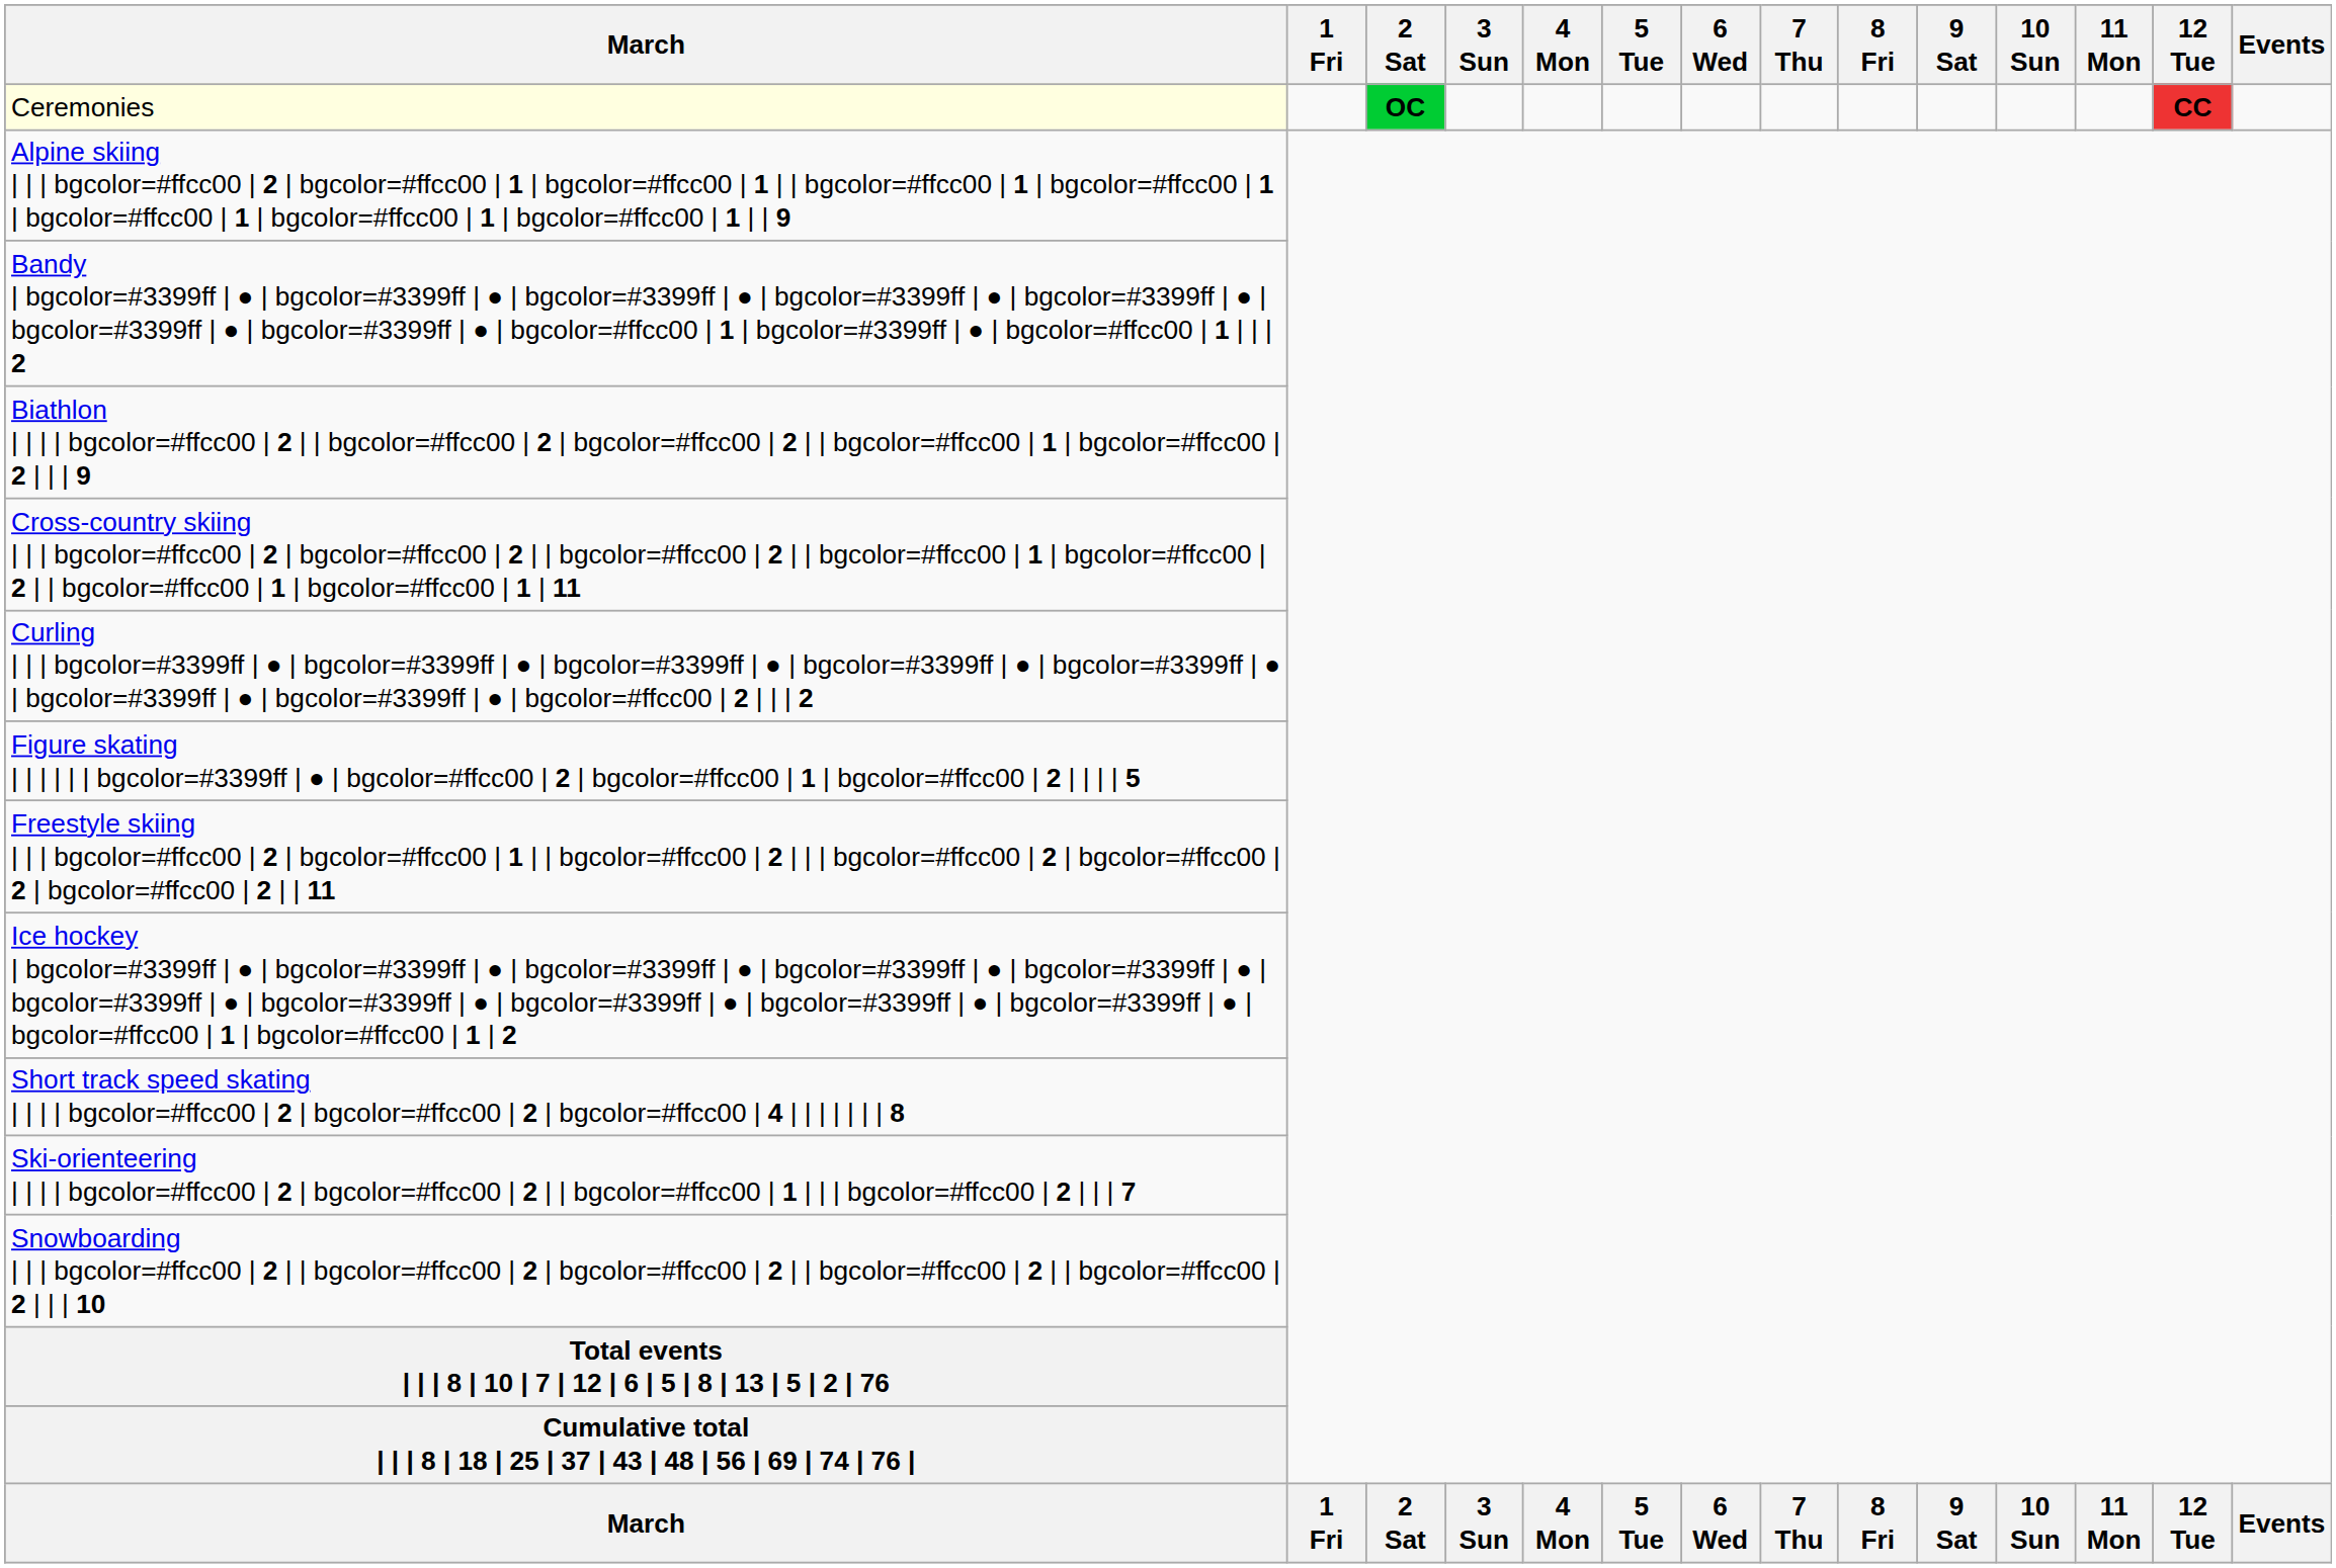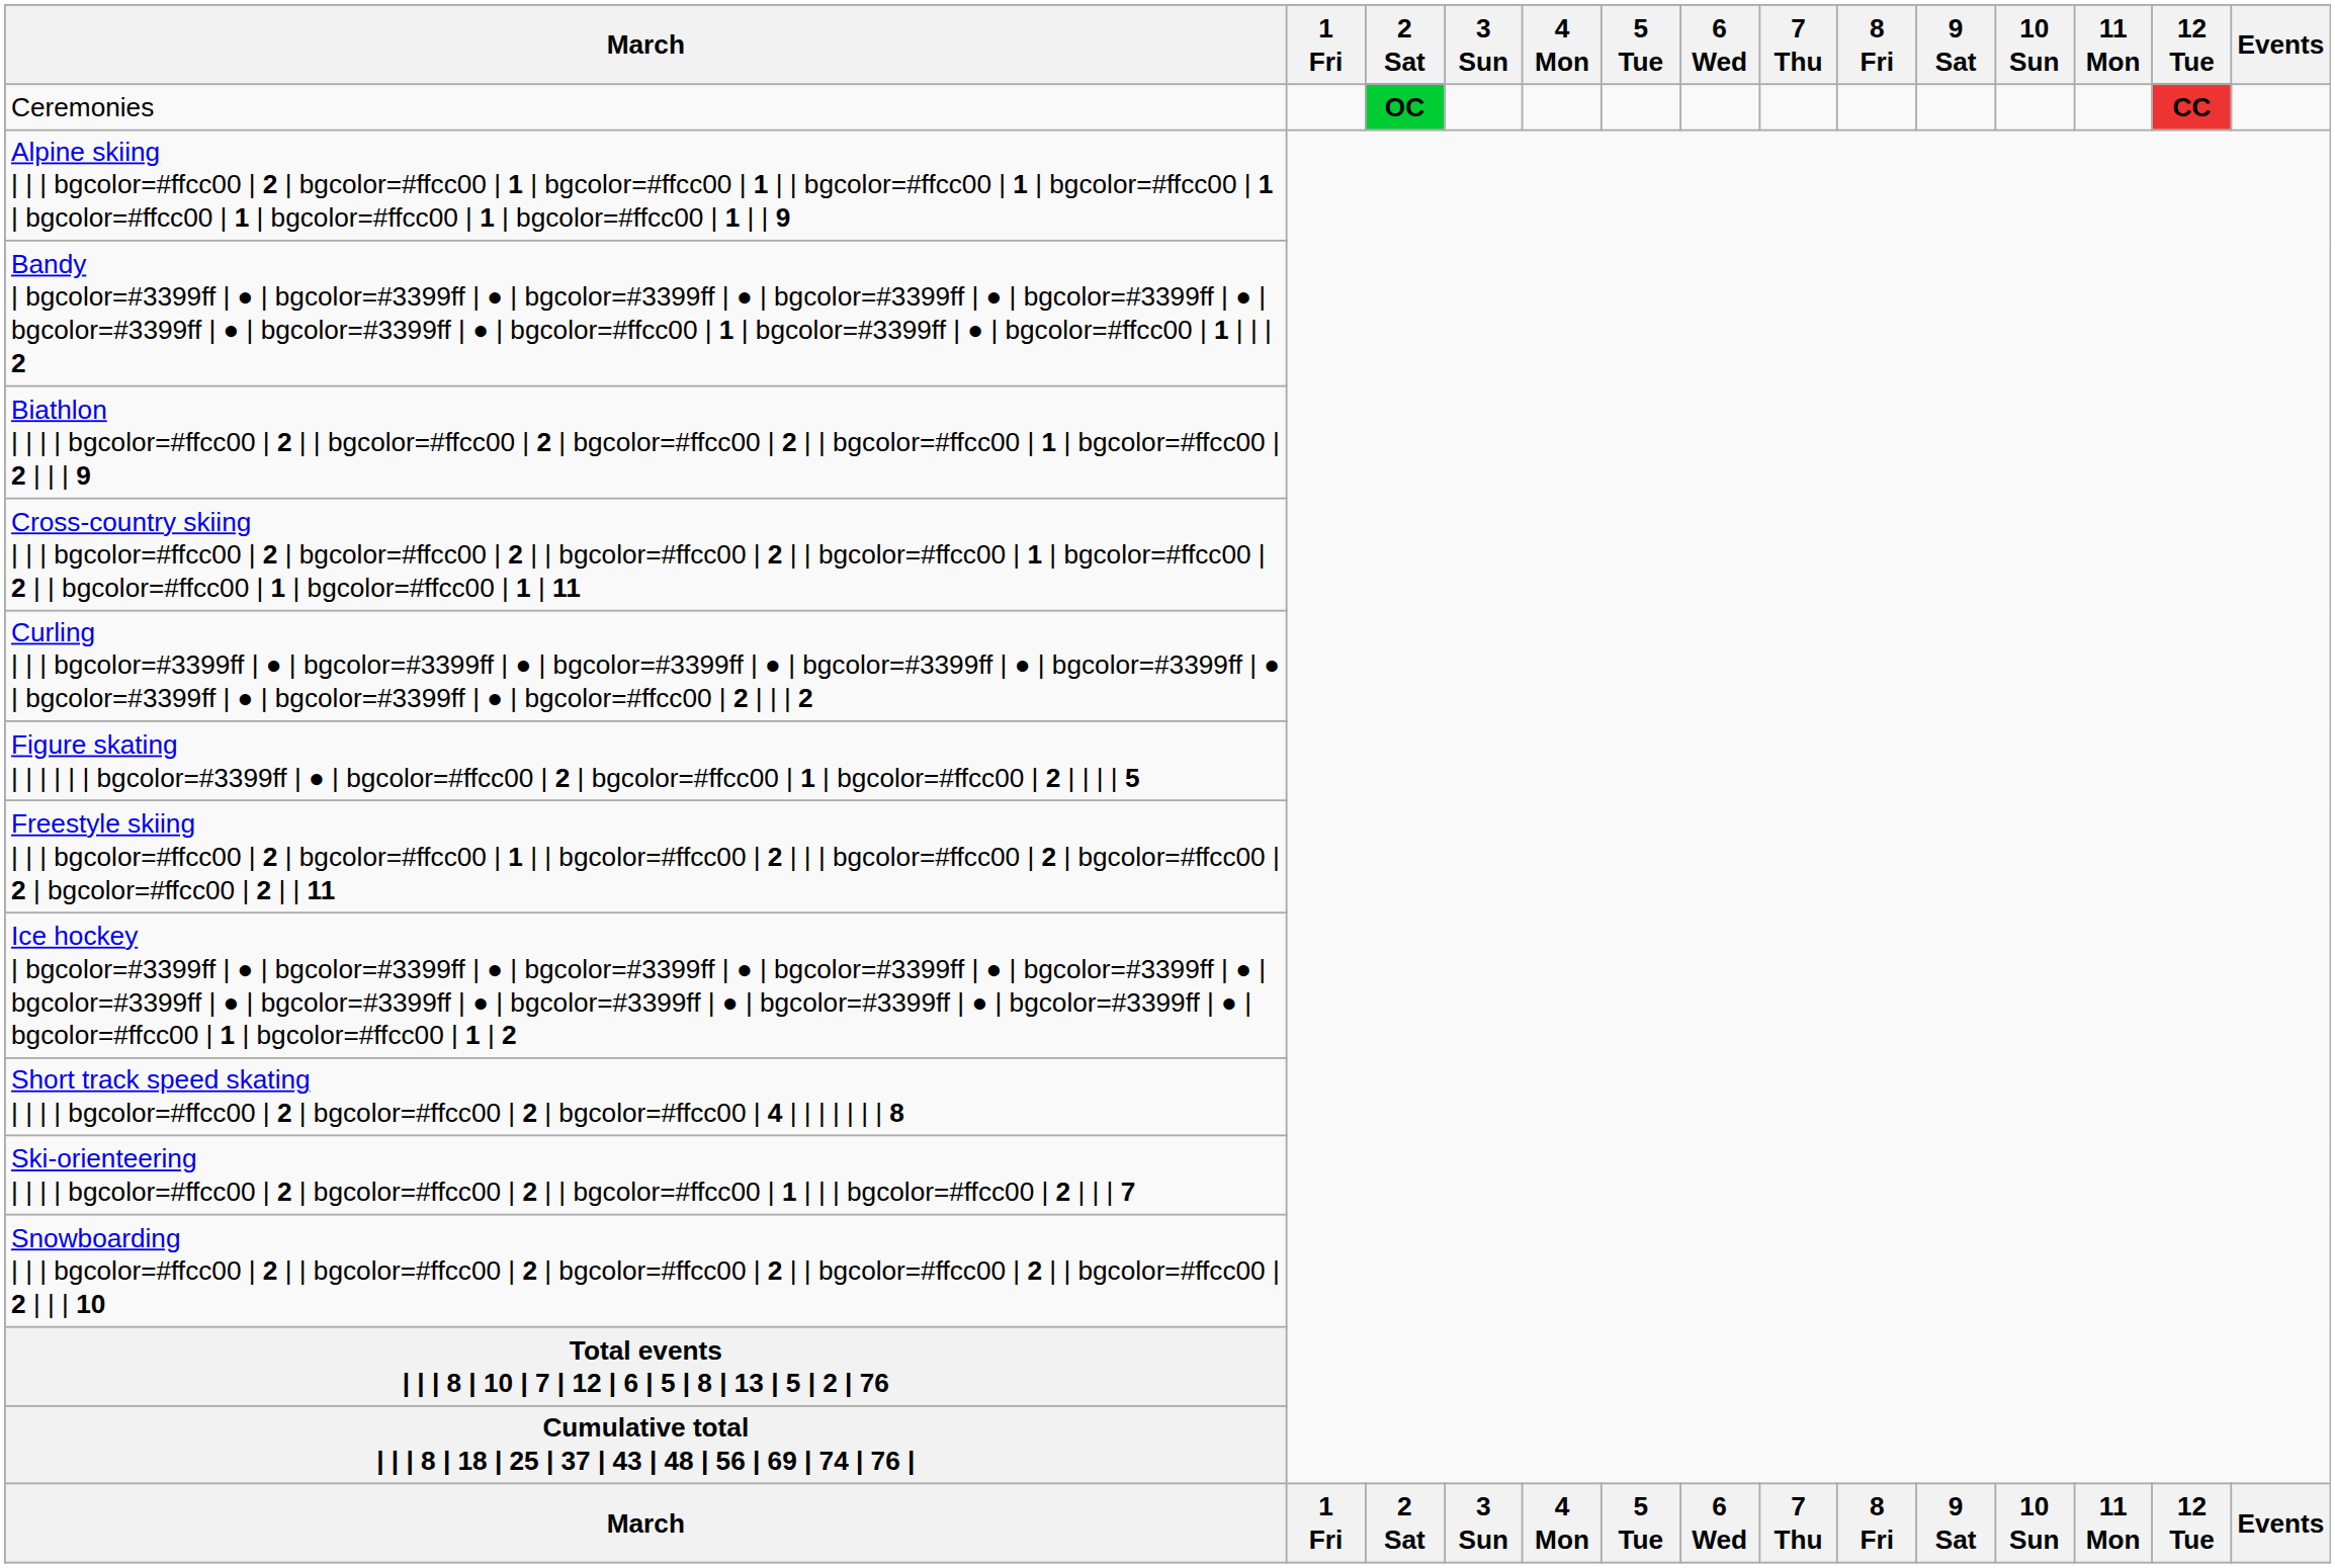 <table class="wikitable" style="margin:0.5em auto; font-size:90%; line-height:1.25em">
 <tr>
 <th>March</th>
 <th style="width:2.5em">1<br>Fri</th>
 <th style="width:2.5em">2<br>Sat</th>
 <th style="width:2.5em">3<br>Sun</th>
 <th style="width:2.5em">4<br>Mon</th>
 <th style="width:2.5em">5<br>Tue</th>
 <th style="width:2.5em">6<br>Wed</th>
 <th style="width:2.5em">7<br>Thu</th>
 <th style="width:2.5em">8<br>Fri</th>
 <th style="width:2.5em">9<br>Sat</th>
 <th style="width:2.5em">10<br>Sun</th>
 <th style="width:2.5em">11<br>Mon</th>
 <th style="width:2.5em">12<br>Tue</th>
 <th>Events</th>
 </tr>
 <tr>
-<td style="background: lightyellow;">Ceremonies</td>
+<td>Ceremonies</td>
 <td></td>
 <td style="background:#00cc33; text-align:center"><strong>OC</strong></td>
 <td></td>
 <td></td>
 <td></td>
 <td></td>
 <td></td>
 <td></td>
 <td></td>
 <td></td>
 <td></td>
 <td style="background:#ee3333; text-align:center"><strong>CC</strong></td>
 <td></td>
 </tr>
 <tr style="text-align:center">
 <td style="text-align:left"> <a href='#'>Alpine skiing</a><br>| |  | bgcolor=#ffcc00 | <strong>2</strong> | bgcolor=#ffcc00 | <strong>1</strong> | bgcolor=#ffcc00 | <strong>1</strong> |  | bgcolor=#ffcc00 | <strong>1</strong> | bgcolor=#ffcc00 | <strong>1</strong> | bgcolor=#ffcc00 | <strong>1</strong> | bgcolor=#ffcc00 | <strong>1</strong> | bgcolor=#ffcc00 | <strong>1</strong> |  | <strong>9</strong></td>
 </tr>
 <tr style="text-align:center">
 <td style="text-align:left"> <a href='#'>Bandy</a><br>| bgcolor=#3399ff | ● | bgcolor=#3399ff | ● | bgcolor=#3399ff | ● | bgcolor=#3399ff | ● | bgcolor=#3399ff | ● | bgcolor=#3399ff | ● | bgcolor=#3399ff | ● | bgcolor=#ffcc00 | <strong>1</strong> | bgcolor=#3399ff | ● | bgcolor=#ffcc00 | <strong>1</strong> |  |   | <strong>2</strong></td>
 </tr>
 <tr style="text-align:center">
 <td style="text-align:left"> <a href='#'>Biathlon</a><br>| |  | | bgcolor=#ffcc00 | <strong>2</strong> | | bgcolor=#ffcc00 | <strong>2</strong> | bgcolor=#ffcc00 | <strong>2</strong> |  | bgcolor=#ffcc00 | <strong>1</strong> | bgcolor=#ffcc00 | <strong>2</strong> | |  | <strong>9</strong></td>
 </tr>
 <tr style="text-align:center">
 <td style="text-align:left"> <a href='#'>Cross-country skiing</a><br>| |  | bgcolor=#ffcc00 | <strong>2</strong> | bgcolor=#ffcc00 | <strong>2</strong> |  | bgcolor=#ffcc00 | <strong>2</strong> |  | bgcolor=#ffcc00 | <strong>1</strong> | bgcolor=#ffcc00 | <strong>2</strong> | | bgcolor=#ffcc00 | <strong>1</strong> | bgcolor=#ffcc00 | <strong>1</strong>  | <strong>11</strong></td>
 </tr>
 <tr style="text-align:center">
 <td style="text-align:left"> <a href='#'>Curling</a><br>| | | bgcolor=#3399ff | ● | bgcolor=#3399ff | ● | bgcolor=#3399ff | ● | bgcolor=#3399ff | ● | bgcolor=#3399ff | ● | bgcolor=#3399ff | ● | bgcolor=#3399ff | ● | bgcolor=#ffcc00 | <strong>2</strong> | |   | <strong>2</strong></td>
 </tr>
 <tr style="text-align:center">
 <td style="text-align:left"> <a href='#'>Figure skating</a><br>| |  |  |  |  | bgcolor=#3399ff | ● | bgcolor=#ffcc00 | <strong>2</strong> | bgcolor=#ffcc00 | <strong>1</strong> | bgcolor=#ffcc00 | <strong>2</strong> |  |  |   | <strong>5</strong></td>
 </tr>
 <tr style="text-align:center">
 <td style="text-align:left"> <a href='#'>Freestyle skiing</a><br>| |  | bgcolor=#ffcc00 | <strong>2</strong> | bgcolor=#ffcc00 | <strong>1</strong> |  | bgcolor=#ffcc00 | <strong>2</strong> | |  | bgcolor=#ffcc00 | <strong>2</strong> | bgcolor=#ffcc00 | <strong>2</strong> | bgcolor=#ffcc00 | <strong>2</strong> |   | <strong>11</strong></td>
 </tr>
 <tr style="text-align:center">
 <td style="text-align:left"> <a href='#'>Ice hockey</a><br>| bgcolor=#3399ff | ● | bgcolor=#3399ff | ● | bgcolor=#3399ff | ● | bgcolor=#3399ff | ● | bgcolor=#3399ff | ● | bgcolor=#3399ff | ● | bgcolor=#3399ff | ● | bgcolor=#3399ff | ● | bgcolor=#3399ff | ● | bgcolor=#3399ff | ● | bgcolor=#ffcc00 | <strong>1</strong> | bgcolor=#ffcc00 | <strong>1</strong>  | <strong>2</strong></td>
 </tr>
 <tr style="text-align:center">
 <td style="text-align:left"> <a href='#'>Short track speed skating</a><br>|  |  |  | bgcolor=#ffcc00 | <strong>2</strong> | bgcolor=#ffcc00 | <strong>2</strong> | bgcolor=#ffcc00 | <strong>4</strong> |  |  | | | |   | <strong>8</strong></td>
 </tr>
 <tr style="text-align:center">
 <td style="text-align:left"> <a href='#'>Ski-orienteering</a><br>| |  |  | bgcolor=#ffcc00 | <strong>2</strong> | bgcolor=#ffcc00 | <strong>2</strong> |  | bgcolor=#ffcc00 | <strong>1</strong> | |  | bgcolor=#ffcc00 | <strong>2</strong> |  |   | <strong>7</strong></td>
 </tr>
 <tr style="text-align:center">
 <td style="text-align:left"> <a href='#'>Snowboarding</a><br>|  |  | bgcolor=#ffcc00 | <strong>2</strong> |  | bgcolor=#ffcc00 | <strong>2</strong> | bgcolor=#ffcc00 | <strong>2</strong> |  | bgcolor=#ffcc00 | <strong>2</strong> |  | bgcolor=#ffcc00 | <strong>2</strong> | |   | <strong>10</strong></td>
 </tr>
 <tr align=center>
 <th>Total events<br>|  |  | 8 | 10 | 7 | 12 | 6 | 5 | 8 | 13 | 5 | 2  | <strong>76</strong></th>
 </tr>
 <tr align=center>
 <th>Cumulative total<br>|  |  | 8 | 18 | 25 | 37 | 43 | 48 | 56 | 69 | 74 | 76  |</th>
 </tr>
 <tr>
 <th>March</th>
 <th style="width:2.5em">1<br>Fri</th>
 <th style="width:2.5em">2<br>Sat</th>
 <th style="width:2.5em">3<br>Sun</th>
 <th style="width:2.5em">4<br>Mon</th>
 <th style="width:2.5em">5<br>Tue</th>
 <th style="width:2.5em">6<br>Wed</th>
 <th style="width:2.5em">7<br>Thu</th>
 <th style="width:2.5em">8<br>Fri</th>
 <th style="width:2.5em">9<br>Sat</th>
 <th style="width:2.5em">10<br>Sun</th>
 <th style="width:2.5em">11<br>Mon</th>
 <th style="width:2.5em">12<br>Tue</th>
 <th>Events</th>
 </tr>
 </table>
